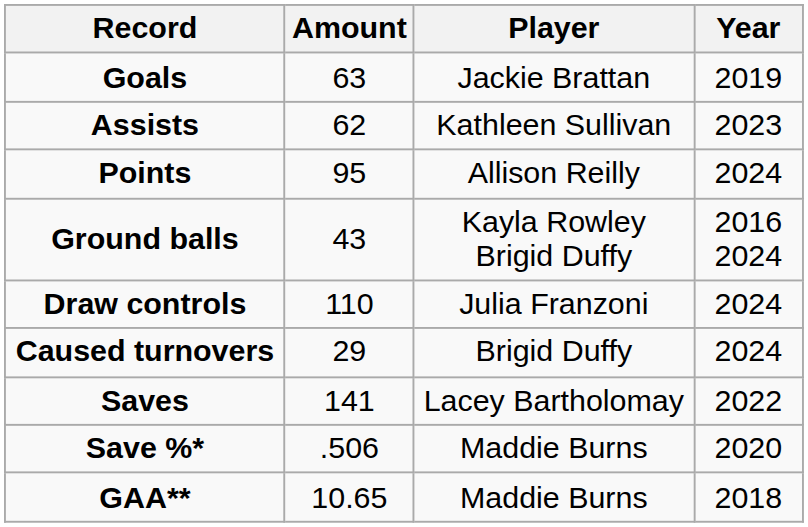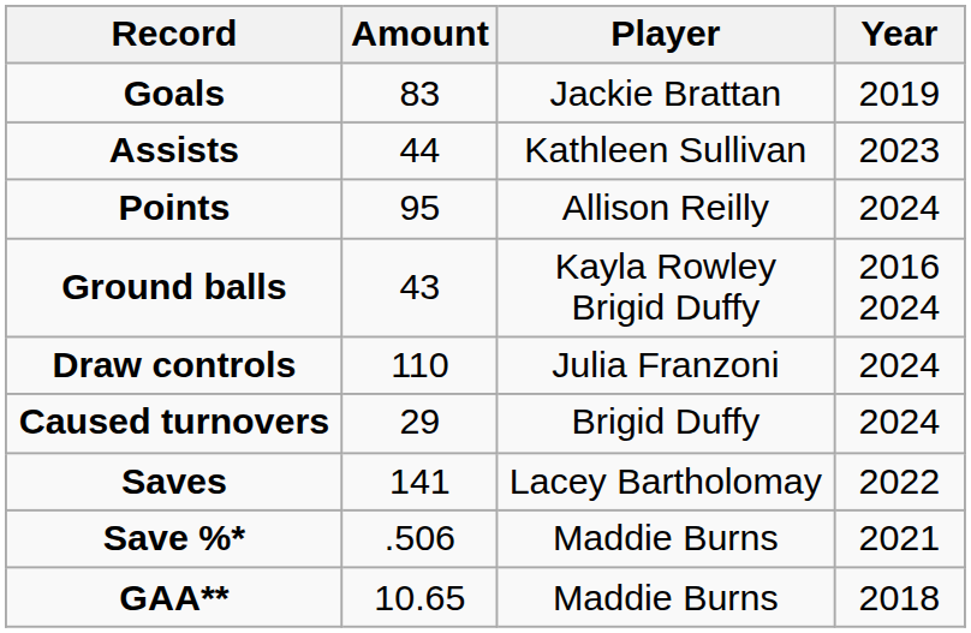 <table class="wikitable">
 <tr>
 <th style="width:140px; ">Record</th>
 <th style="width:35px; ">Amount</th>
 <th style="width:140px; ">Player</th>
 <th style="width:50px; ">Year</th>
 </tr>
 <tr style="text-align:center;">
 <td><strong>Goals</strong></td>
-<td>63</td>
+<td>83</td>
 <td>Jackie Brattan</td>
 <td>2019</td>
 </tr>
 <tr style="text-align:center;">
 <td><strong>Assists</strong></td>
-<td>62</td>
+<td>44</td>
 <td>Kathleen Sullivan</td>
 <td>2023</td>
 </tr>
 <tr style="text-align:center;">
 <td><strong>Points</strong></td>
 <td>95</td>
 <td>Allison Reilly</td>
 <td>2024</td>
 </tr>
 <tr style="text-align:center;">
 <td><strong>Ground balls</strong></td>
 <td>43</td>
 <td>Kayla Rowley<br>Brigid Duffy</td>
 <td>2016<br>2024</td>
 </tr>
 <tr style="text-align:center;">
 <td><strong>Draw controls</strong></td>
 <td>110</td>
 <td>Julia Franzoni</td>
 <td>2024</td>
 </tr>
 <tr style="text-align:center;">
 <td><strong>Caused turnovers</strong></td>
 <td>29</td>
 <td>Brigid Duffy</td>
 <td>2024</td>
 </tr>
 <tr style="text-align:center;">
 <td><strong>Saves</strong></td>
 <td>141</td>
 <td>Lacey Bartholomay</td>
 <td>2022</td>
 </tr>
 <tr style="text-align:center;">
 <td><strong>Save %*</strong></td>
 <td>.506</td>
 <td>Maddie Burns</td>
-<td>2020</td>
+<td>2021</td>
 </tr>
 <tr style="text-align:center;">
 <td><strong>GAA**</strong></td>
 <td>10.65</td>
 <td>Maddie Burns</td>
 <td>2018</td>
 </tr>
 </table>
